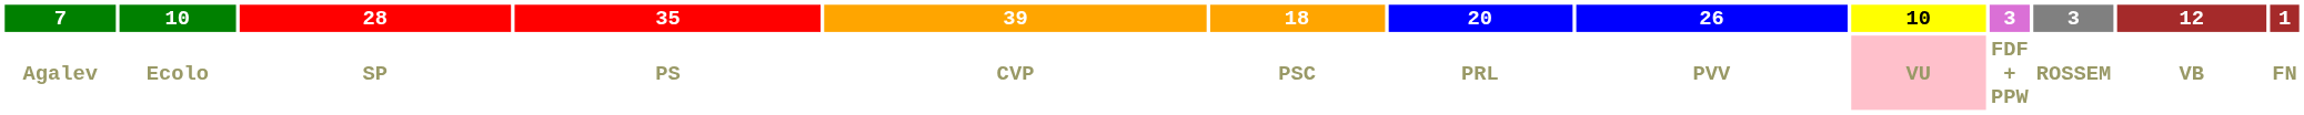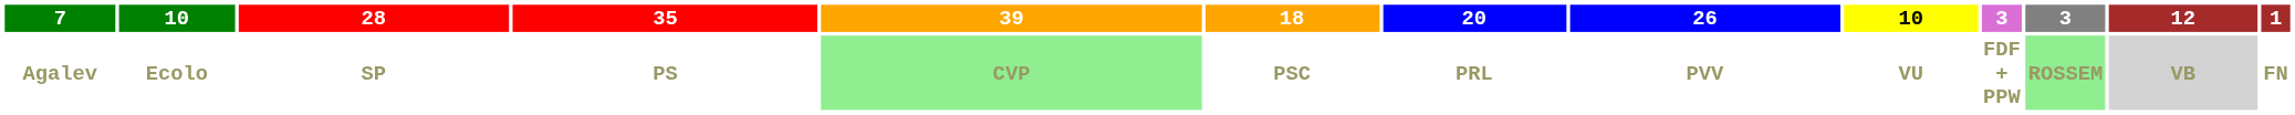 <table style="width:100%; font-size:88%; text-align:center;">
 <tr style="font-weight:bold">
 <td style="background:green; width:4.9%; color:white">7</td>
 <td style="background:green; width:5.1%; color:white">10</td>
 <td style="background:red; width:12.0%; color:white">28</td>
 <td style="background:red; width:13.5%; color:white">35</td>
 <td style="background:orange; width:16.8%; color:white">39</td>
 <td style="background:orange; width:7.7%; color:white">18</td>
 <td style="background:blue; width:8.1%; color:white">20</td>
 <td style="background:blue; width:12.0%; color:white">26</td>
 <td style="background:yellow; width:5.9%; color:black">10</td>
 <td style="background:orchid; width:1.5%; color:white">3</td>
 <td style="background:gray; width:3.2%; color:white">3</td>
 <td style="background:brown; width:6.6%; color:white">12</td>
 <td style="background:brown; width:1.1%; color:white">1</td>
 </tr>
 <tr style="font-weight:bold; color:#996;">
 <td>Agalev</td>
 <td>Ecolo</td>
 <td>SP</td>
 <td>PS</td>
-<td>CVP</td>
+<td style="background: lightgreen;">CVP</td>
 <td>PSC</td>
 <td>PRL</td>
 <td>PVV</td>
-<td style="background: pink;">VU</td>
+<td>VU</td>
 <td>FDF + PPW</td>
-<td>ROSSEM</td>
-<td>VB</td>
+<td style="background: lightgreen;">ROSSEM</td>
+<td style="background: lightgrey;">VB</td>
 <td>FN</td>
 </tr>
 </table>
